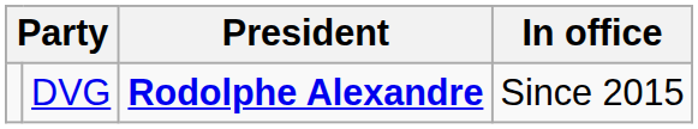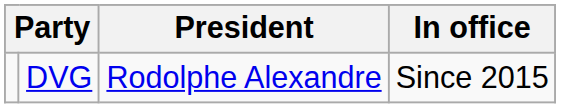 <table class="wikitable">
 <tr>
 <th colspan="2">Party</th>
 <th>President</th>
 <th>In office</th>
 </tr>
 <tr>
 <td></td>
 <td><a href='#'>DVG</a></td>
-<td><strong><a href='#'>Rodolphe Alexandre</a></strong></td>
+<td><a href='#'>Rodolphe Alexandre</a></td>
 <td>Since 2015</td>
 </tr>
 </table>
